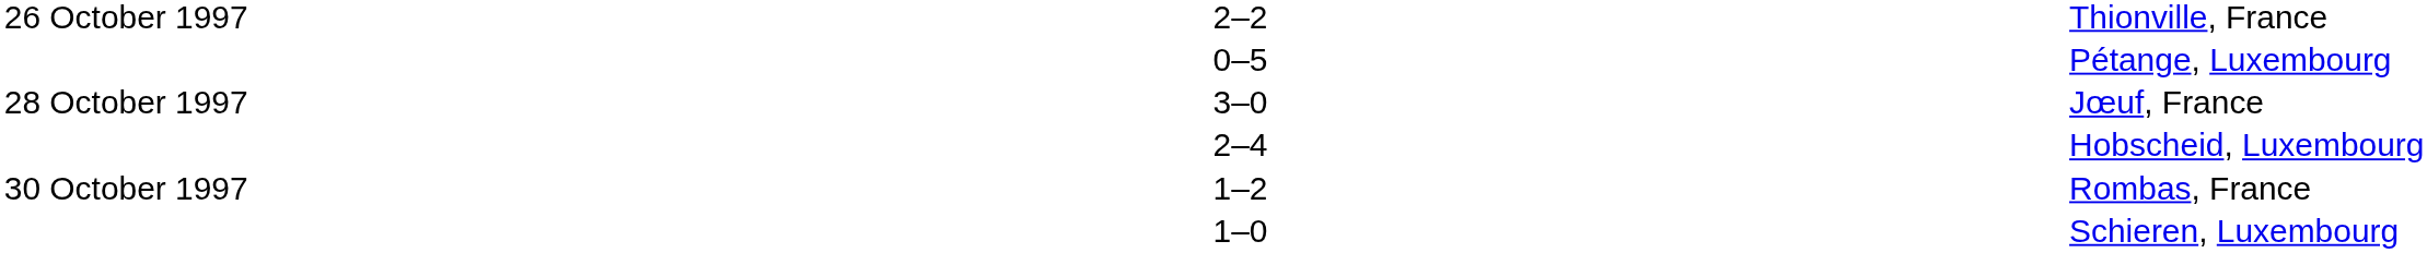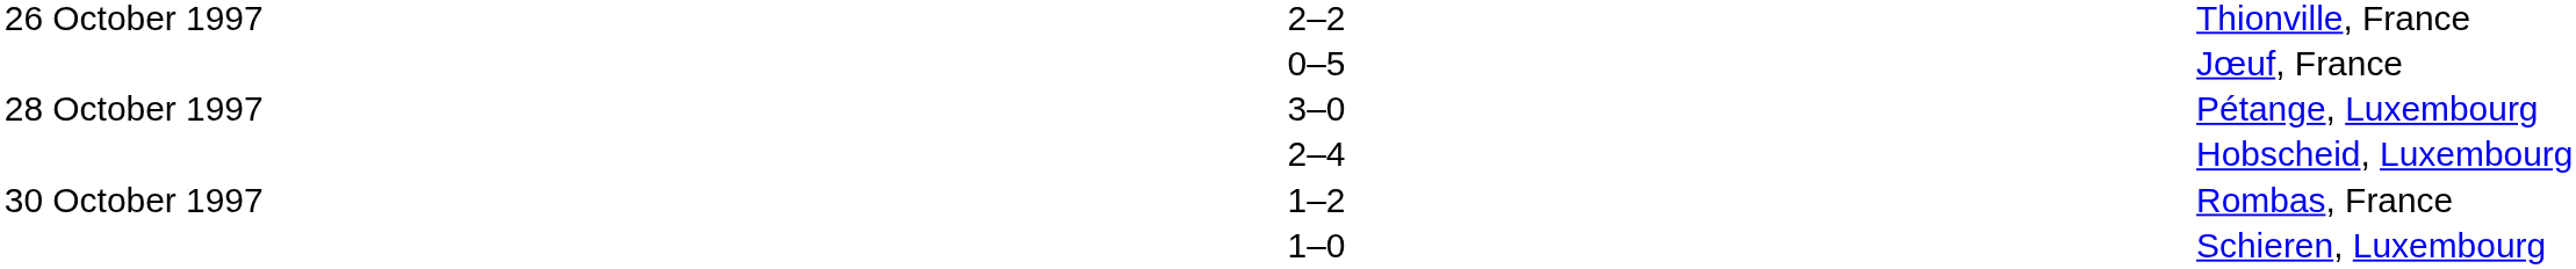 <table cellspacing=1 width=85%>
 <tr>
 <th width=15%></th>
 <th width=25%></th>
 <th width=10%></th>
 <th width=25%></th>
 <th width=25%></th>
 </tr>
 <tr>
 <td>26 October 1997</td>
 <td align=right></td>
 <td align=center>2–2</td>
 <td></td>
 <td><a href='#'>Thionville</a>, France</td>
 </tr>
 <tr>
 <td></td>
 <td align=right></td>
 <td align=center>0–5</td>
 <td></td>
-<td><a href='#'>Pétange</a>, <a href='#'>Luxembourg</a></td>
+<td><a href='#'>Jœuf</a>, France</td>
 </tr>
 <tr>
 <td>28 October 1997</td>
 <td align=right></td>
 <td align=center>3–0</td>
 <td></td>
-<td><a href='#'>Jœuf</a>, France</td>
+<td><a href='#'>Pétange</a>, <a href='#'>Luxembourg</a></td>
 </tr>
 <tr>
 <td></td>
 <td align=right></td>
 <td align=center>2–4</td>
 <td></td>
 <td><a href='#'>Hobscheid</a>, <a href='#'>Luxembourg</a></td>
 </tr>
 <tr>
 <td>30 October 1997</td>
 <td align=right></td>
 <td align=center>1–2</td>
 <td></td>
 <td><a href='#'>Rombas</a>, France</td>
 </tr>
 <tr>
 <td></td>
 <td align=right></td>
 <td align=center>1–0</td>
 <td></td>
 <td><a href='#'>Schieren</a>, <a href='#'>Luxembourg</a></td>
 </tr>
 </table>
